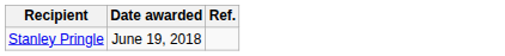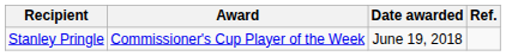 <table class="wikitable sortable sortable" style="text-align: center">
 <tr>
 <th>Recipient</th>
+<th>Award</th>
 <th>Date awarded</th>
 <th>Ref.</th>
 </tr>
 <tr>
 <td><a href='#'>Stanley Pringle</a></td>
+<td><a href='#'>Commissioner's Cup Player of the Week</a></td>
 <td>June 19, 2018</td>
 <td></td>
 </tr>
 </table>
